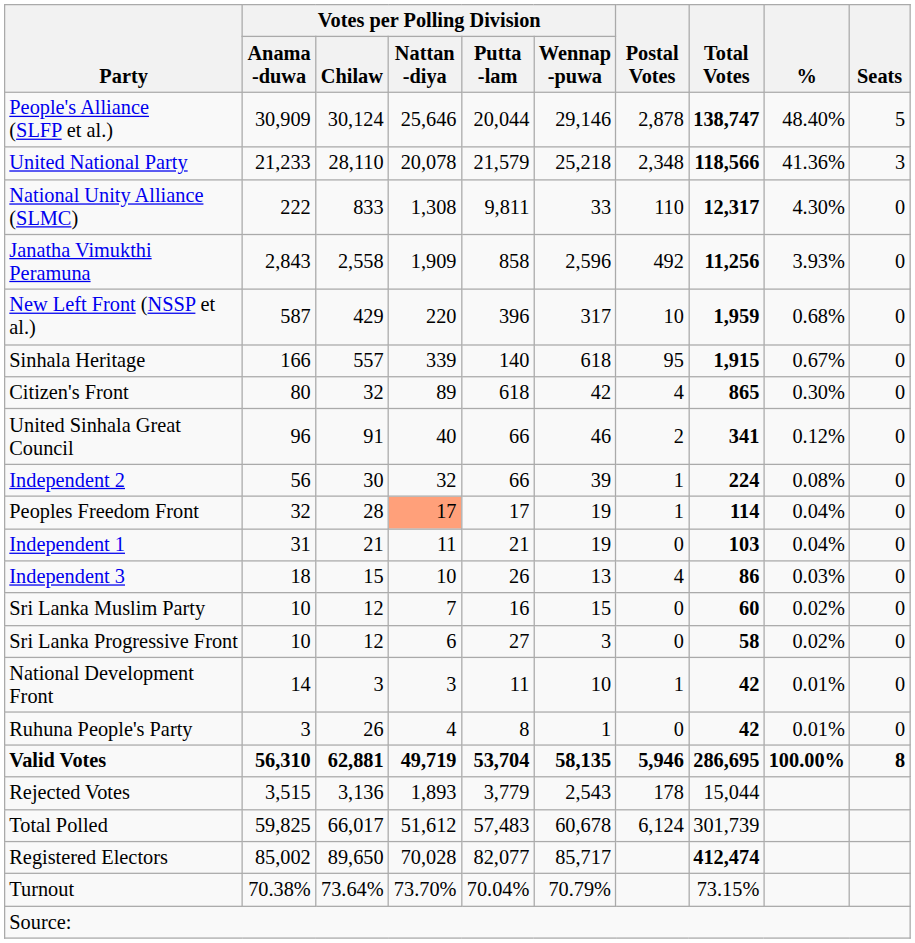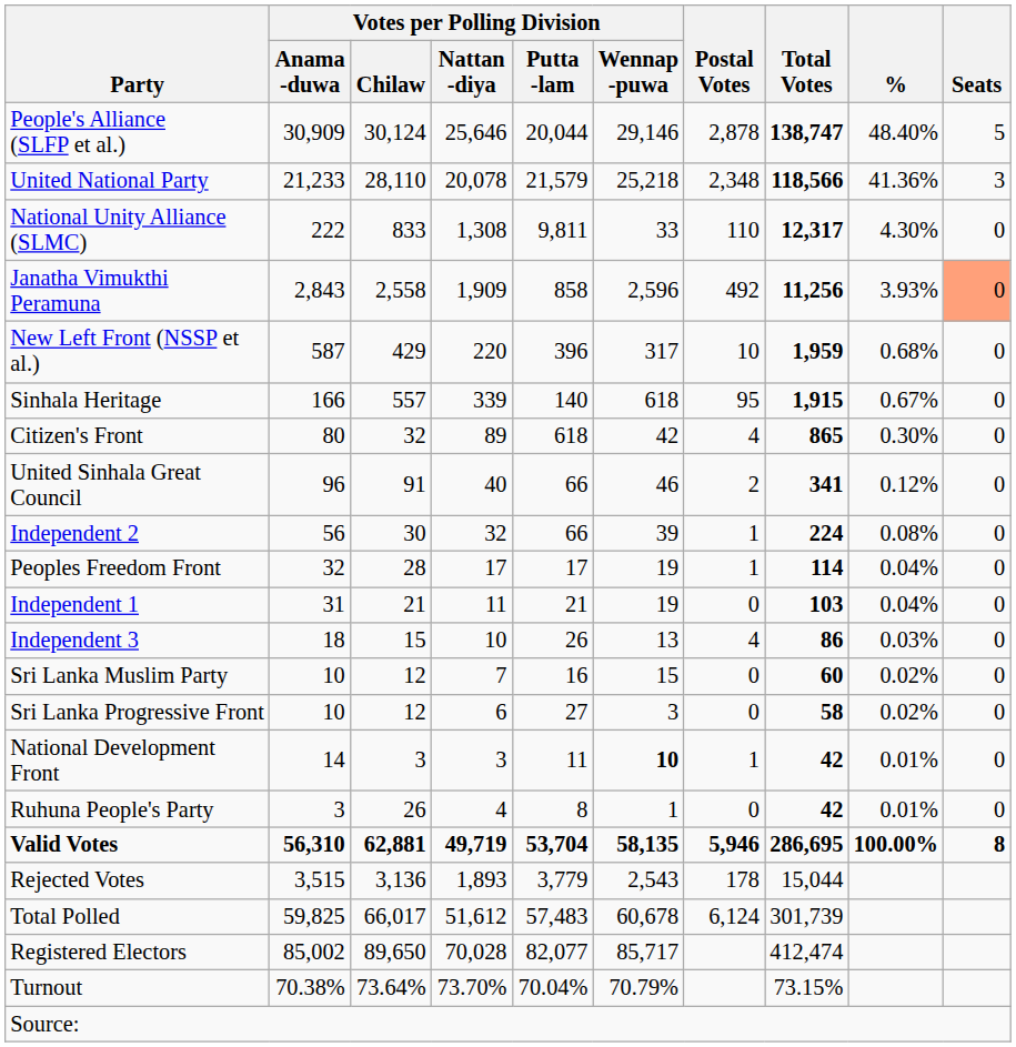 <table class="wikitable" border="1" style="text-align:right;">
 <tr>
 <th align=left valign=bottom rowspan=2 width="180">Party</th>
 <th colspan=5>Votes per Polling Division</th>
 <th align=center valign=bottom rowspan=2 width="50">Postal<br>Votes</th>
 <th align=center valign=bottom rowspan=2 width="50">Total Votes</th>
 <th align=center valign=bottom rowspan=2 width="50">%</th>
 <th align=center valign=bottom rowspan=2 width="40">Seats</th>
 </tr>
 <tr>
 <th align=center valign=bottom width="50">Anama<br>-duwa</th>
 <th align=center valign=bottom width="50">Chilaw</th>
 <th align=center valign=bottom width="50">Nattan<br>-diya</th>
 <th align=center valign=bottom width="50">Putta<br>-lam</th>
 <th align=center valign=bottom width="50">Wennap<br>-puwa</th>
 </tr>
 <tr>
 <td align=left><a href='#'>People's Alliance</a><br>(<a href='#'>SLFP</a> et al.)</td>
 <td>30,909</td>
 <td>30,124</td>
 <td>25,646</td>
 <td>20,044</td>
 <td>29,146</td>
 <td>2,878</td>
 <td><strong>138,747</strong></td>
 <td>48.40%</td>
 <td>5</td>
 </tr>
 <tr>
 <td align=left><a href='#'>United National Party</a></td>
 <td>21,233</td>
 <td>28,110</td>
 <td>20,078</td>
 <td>21,579</td>
 <td>25,218</td>
 <td>2,348</td>
 <td><strong>118,566</strong></td>
 <td>41.36%</td>
 <td>3</td>
 </tr>
 <tr>
 <td align=left><a href='#'>National Unity Alliance</a> (<a href='#'>SLMC</a>)</td>
 <td>222</td>
 <td>833</td>
 <td>1,308</td>
 <td>9,811</td>
 <td>33</td>
 <td>110</td>
 <td><strong>12,317</strong></td>
 <td>4.30%</td>
 <td>0</td>
 </tr>
 <tr>
 <td align=left><a href='#'>Janatha Vimukthi Peramuna</a></td>
 <td>2,843</td>
 <td>2,558</td>
 <td>1,909</td>
 <td>858</td>
 <td>2,596</td>
 <td>492</td>
 <td><strong>11,256</strong></td>
 <td>3.93%</td>
-<td>0</td>
+<td style="background: lightsalmon;">0</td>
 </tr>
 <tr>
 <td align=left><a href='#'>New Left Front</a> (<a href='#'>NSSP</a> et al.)</td>
 <td>587</td>
 <td>429</td>
 <td>220</td>
 <td>396</td>
 <td>317</td>
 <td>10</td>
 <td><strong>1,959</strong></td>
 <td>0.68%</td>
 <td>0</td>
 </tr>
 <tr>
 <td align=left>Sinhala Heritage</td>
 <td>166</td>
 <td>557</td>
 <td>339</td>
 <td>140</td>
 <td>618</td>
 <td>95</td>
 <td><strong>1,915</strong></td>
 <td>0.67%</td>
 <td>0</td>
 </tr>
 <tr>
 <td align=left>Citizen's Front</td>
 <td>80</td>
 <td>32</td>
 <td>89</td>
 <td>618</td>
 <td>42</td>
 <td>4</td>
 <td><strong>865</strong></td>
 <td>0.30%</td>
 <td>0</td>
 </tr>
 <tr>
 <td align=left>United Sinhala Great Council</td>
 <td>96</td>
 <td>91</td>
 <td>40</td>
 <td>66</td>
 <td>46</td>
 <td>2</td>
 <td><strong>341</strong></td>
 <td>0.12%</td>
 <td>0</td>
 </tr>
 <tr>
 <td align=left><a href='#'>Independent 2</a></td>
 <td>56</td>
 <td>30</td>
 <td>32</td>
 <td>66</td>
 <td>39</td>
 <td>1</td>
 <td><strong>224</strong></td>
 <td>0.08%</td>
 <td>0</td>
 </tr>
 <tr>
 <td align=left>Peoples Freedom Front</td>
 <td>32</td>
 <td>28</td>
-<td style="background: lightsalmon;">17</td>
+<td>17</td>
 <td>17</td>
 <td>19</td>
 <td>1</td>
 <td><strong>114</strong></td>
 <td>0.04%</td>
 <td>0</td>
 </tr>
 <tr>
 <td align=left><a href='#'>Independent 1</a></td>
 <td>31</td>
 <td>21</td>
 <td>11</td>
 <td>21</td>
 <td>19</td>
 <td>0</td>
 <td><strong>103</strong></td>
 <td>0.04%</td>
 <td>0</td>
 </tr>
 <tr>
 <td align=left><a href='#'>Independent 3</a></td>
 <td>18</td>
 <td>15</td>
 <td>10</td>
 <td>26</td>
 <td>13</td>
 <td>4</td>
 <td><strong>86</strong></td>
 <td>0.03%</td>
 <td>0</td>
 </tr>
 <tr>
 <td align=left>Sri Lanka Muslim Party</td>
 <td>10</td>
 <td>12</td>
 <td>7</td>
 <td>16</td>
 <td>15</td>
 <td>0</td>
 <td><strong>60</strong></td>
 <td>0.02%</td>
 <td>0</td>
 </tr>
 <tr>
 <td align=left>Sri Lanka Progressive Front</td>
 <td>10</td>
 <td>12</td>
 <td>6</td>
 <td>27</td>
 <td>3</td>
 <td>0</td>
 <td><strong>58</strong></td>
 <td>0.02%</td>
 <td>0</td>
 </tr>
 <tr>
 <td align=left>National Development Front</td>
 <td>14</td>
 <td>3</td>
 <td>3</td>
 <td>11</td>
-<td>10</td>
+<td><strong>10</strong></td>
 <td>1</td>
 <td><strong>42</strong></td>
 <td>0.01%</td>
 <td>0</td>
 </tr>
 <tr>
 <td align=left>Ruhuna People's Party</td>
 <td>3</td>
 <td>26</td>
 <td>4</td>
 <td>8</td>
 <td>1</td>
 <td>0</td>
 <td><strong>42</strong></td>
 <td>0.01%</td>
 <td>0</td>
 </tr>
 <tr>
 <td align=left><strong>Valid Votes</strong></td>
 <td><strong>56,310</strong></td>
 <td><strong>62,881</strong></td>
 <td><strong>49,719</strong></td>
 <td><strong>53,704</strong></td>
 <td><strong>58,135</strong></td>
 <td><strong>5,946</strong></td>
 <td><strong>286,695</strong></td>
 <td><strong>100.00%</strong></td>
 <td><strong>8</strong></td>
 </tr>
 <tr>
 <td align=left>Rejected Votes</td>
 <td>3,515</td>
 <td>3,136</td>
 <td>1,893</td>
 <td>3,779</td>
 <td>2,543</td>
 <td>178</td>
 <td>15,044</td>
 <td></td>
 <td></td>
 </tr>
 <tr>
 <td align=left>Total Polled</td>
 <td>59,825</td>
 <td>66,017</td>
 <td>51,612</td>
 <td>57,483</td>
 <td>60,678</td>
 <td>6,124</td>
 <td>301,739</td>
 <td></td>
 <td></td>
 </tr>
 <tr>
 <td align=left>Registered Electors</td>
 <td>85,002</td>
 <td>89,650</td>
 <td>70,028</td>
 <td>82,077</td>
 <td>85,717</td>
 <td></td>
-<td><strong>412,474</strong></td>
+<td>412,474</td>
 <td></td>
 <td></td>
 </tr>
 <tr>
 <td align=left>Turnout</td>
 <td>70.38%</td>
 <td>73.64%</td>
 <td>73.70%</td>
 <td>70.04%</td>
 <td>70.79%</td>
 <td></td>
 <td>73.15%</td>
 <td></td>
 <td></td>
 </tr>
 <tr>
 <td align=left colspan=11>Source:</td>
 </tr>
 </table>
